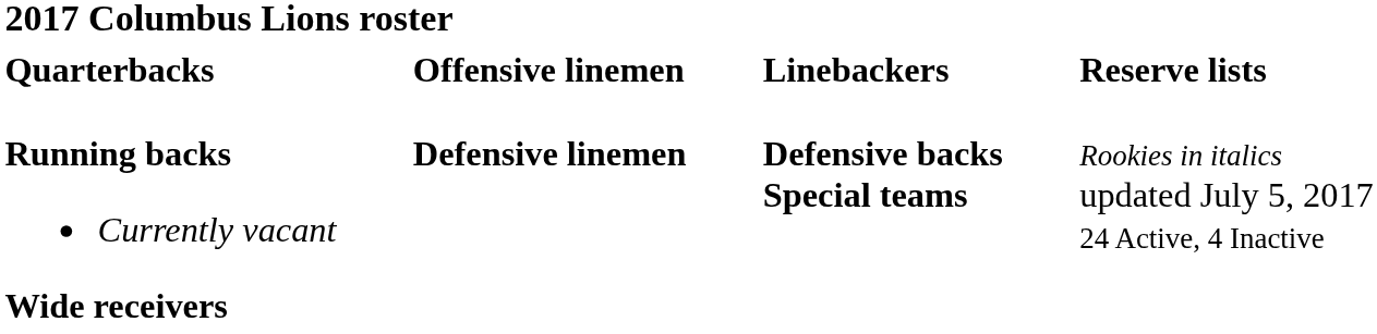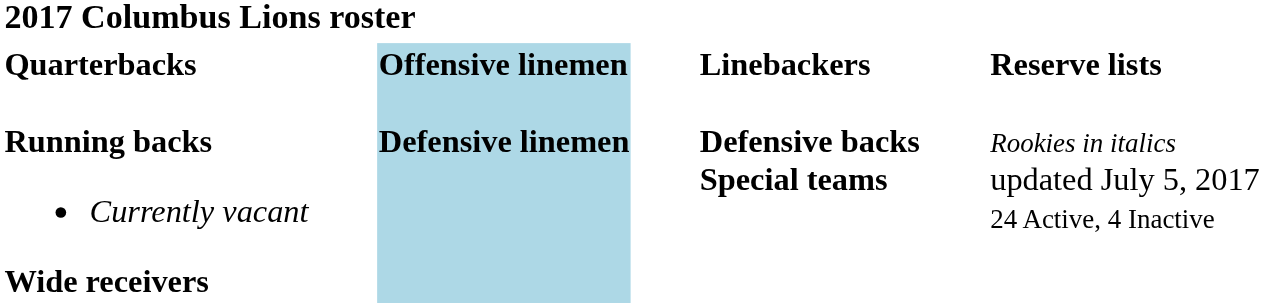 <table class="toccolours" style="text-align: left;">
 <tr>
 <th colspan="7"><strong>2017 Columbus Lions roster</strong></th>
 </tr>
 <tr>
 <td style="font-size: 95%;vertical-align:top;"><strong>Quarterbacks</strong><br> <br><strong>Running backs</strong><ul><li><em>Currently vacant</em></li></ul><strong>Wide receivers</strong>    </td>
 <td style="width: 25px;"></td>
-<td style="font-size: 95%;vertical-align:top;"><strong>Offensive linemen</strong><br>   <br><strong>Defensive linemen</strong>      </td>
+<td style="background: lightblue; font-size: 95%;vertical-align:top;"><strong>Offensive linemen</strong><br>   <br><strong>Defensive linemen</strong>      </td>
 <td style="width: 25px;"></td>
 <td style="font-size: 95%;vertical-align:top;"><strong>Linebackers</strong><br> <br><strong>Defensive backs</strong>     <br><strong>Special teams</strong> </td>
 <td style="width: 25px;"></td>
 <td style="font-size: 95%;vertical-align:top;"><strong>Reserve lists</strong><br>   <br><small><em>Rookies in italics</em></small><br>  updated July 5, 2017<br> <small>24 Active, 4 Inactive</small></td>
 </tr>
 <tr>
 </tr>
 </table>
